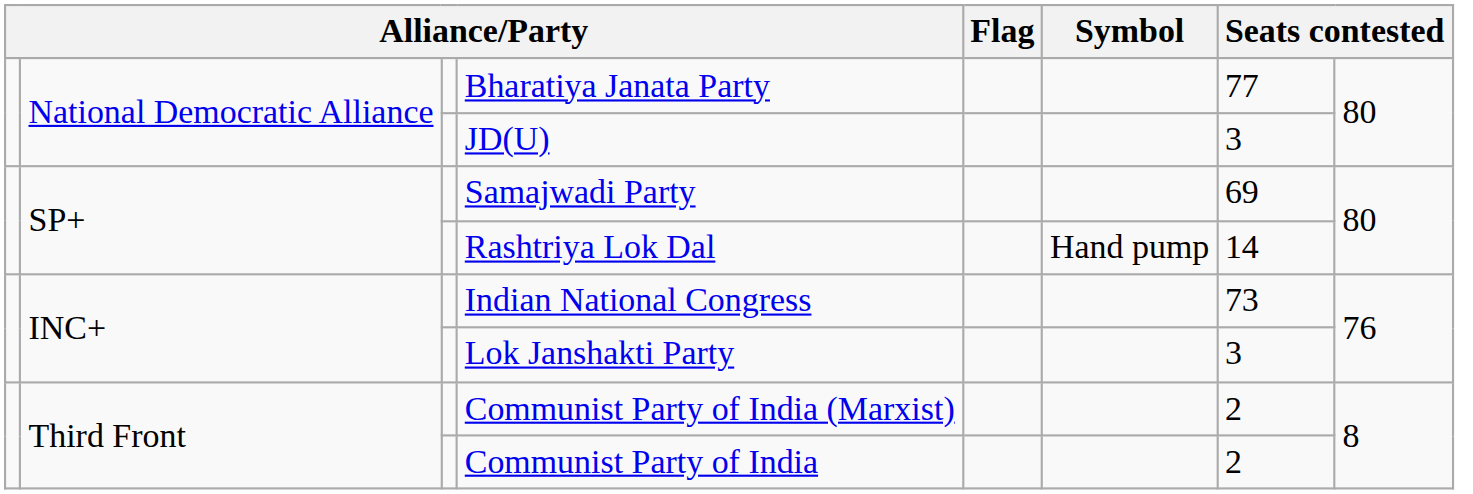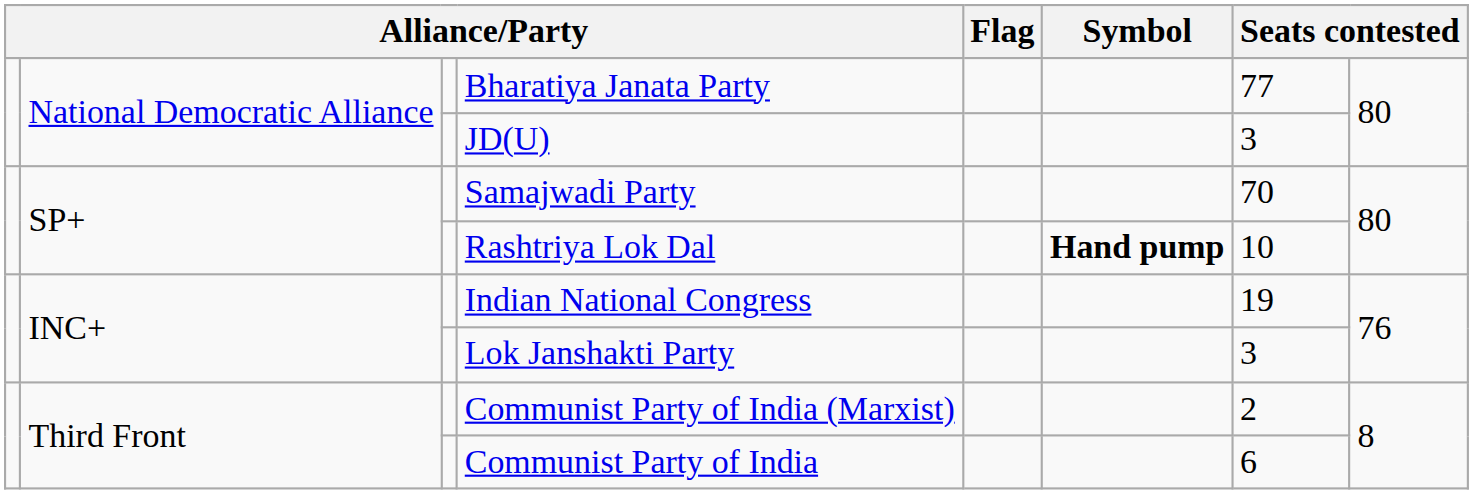 <table class="wikitable sortable">
 <tr>
 <th colspan=4>Alliance/Party</th>
 <th>Flag</th>
 <th>Symbol</th>
 <th colspan=4>Seats contested</th>
 </tr>
 <tr>
 <td rowspan="2"></td>
 <td rowspan=2><a href='#'>National Democratic Alliance</a></td>
 <td style="text-align:center; background:"></td>
 <td><a href='#'>Bharatiya Janata Party</a></td>
 <td></td>
 <td></td>
 <td>77</td>
 <td rowspan=2>80</td>
 </tr>
 <tr>
 <td style="text-align:center; background:"></td>
 <td><a href='#'>JD(U)</a></td>
 <td></td>
 <td></td>
 <td>3</td>
 </tr>
 <tr>
 <td rowspan="2"></td>
 <td rowspan=2>SP+</td>
 <td style="text-align:center; background:"></td>
 <td><a href='#'>Samajwadi Party</a></td>
 <td></td>
 <td></td>
-<td>69</td>
+<td>70</td>
 <td rowspan=2>80</td>
 </tr>
 <tr>
 <td style="text-align:center; background:"></td>
 <td><a href='#'>Rashtriya Lok Dal</a></td>
 <td></td>
-<td>Hand pump</td>
-<td>14</td>
+<td><strong>Hand pump</strong></td>
+<td>10</td>
 </tr>
 <tr>
 <td rowspan=2></td>
 <td rowspan=2>INC+</td>
 <td style="text-align:center; background:"></td>
 <td><a href='#'>Indian National Congress</a></td>
 <td></td>
 <td></td>
-<td>73</td>
+<td>19</td>
 <td rowspan=2>76</td>
 </tr>
 <tr>
 <td style="text-align:center; background:"></td>
 <td><a href='#'>Lok Janshakti Party</a></td>
 <td></td>
 <td></td>
 <td>3</td>
 </tr>
 <tr>
 <td rowspan=2></td>
 <td rowspan=2>Third Front</td>
 <td style="text-align:center; background:"></td>
 <td><a href='#'>Communist Party of India (Marxist)</a></td>
 <td></td>
 <td></td>
 <td>2</td>
 <td rowspan=2>8</td>
 </tr>
 <tr>
 <td style="text-align:center; background:"></td>
 <td><a href='#'>Communist Party of India</a></td>
 <td></td>
 <td></td>
-<td>2</td>
+<td>6</td>
 </tr>
 </table>
